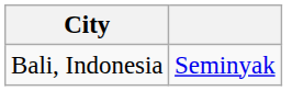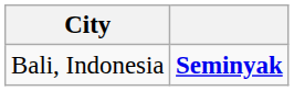 <table class="wikitable">
 <tr>
 <th>City</th>
 <th></th>
 </tr>
 <tr>
 <td>Bali, Indonesia</td>
-<td><a href='#'>Seminyak</a></td>
+<td><strong><a href='#'>Seminyak</a></strong></td>
 </tr>
 </table>
